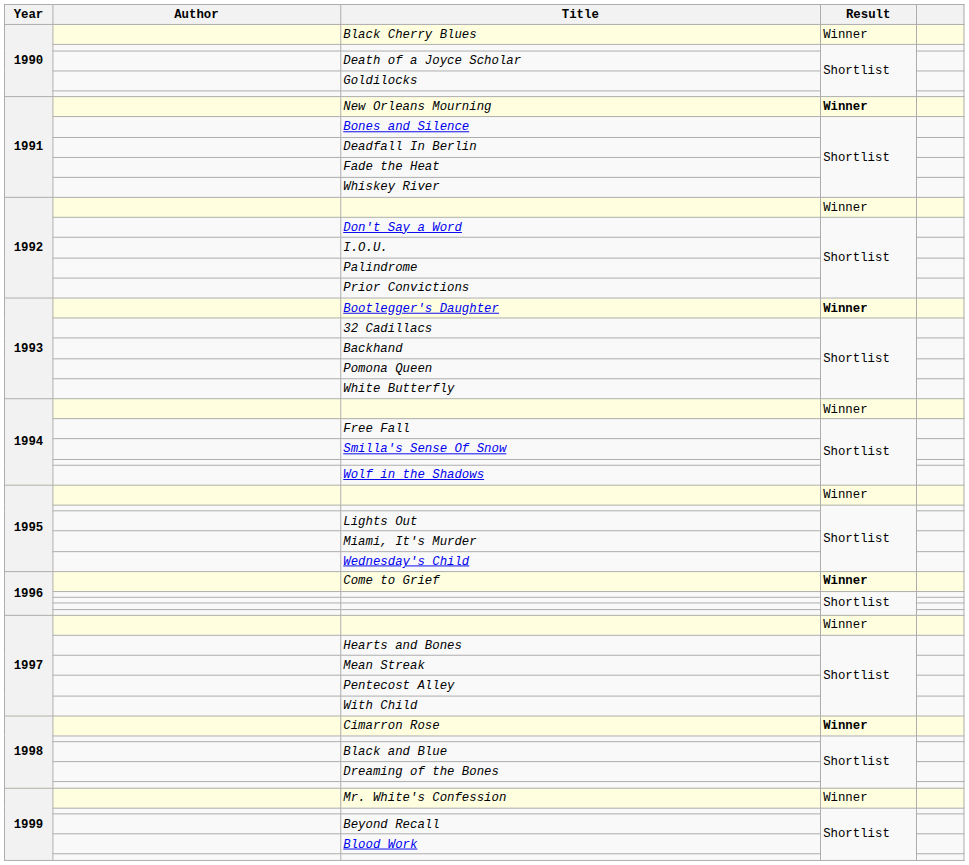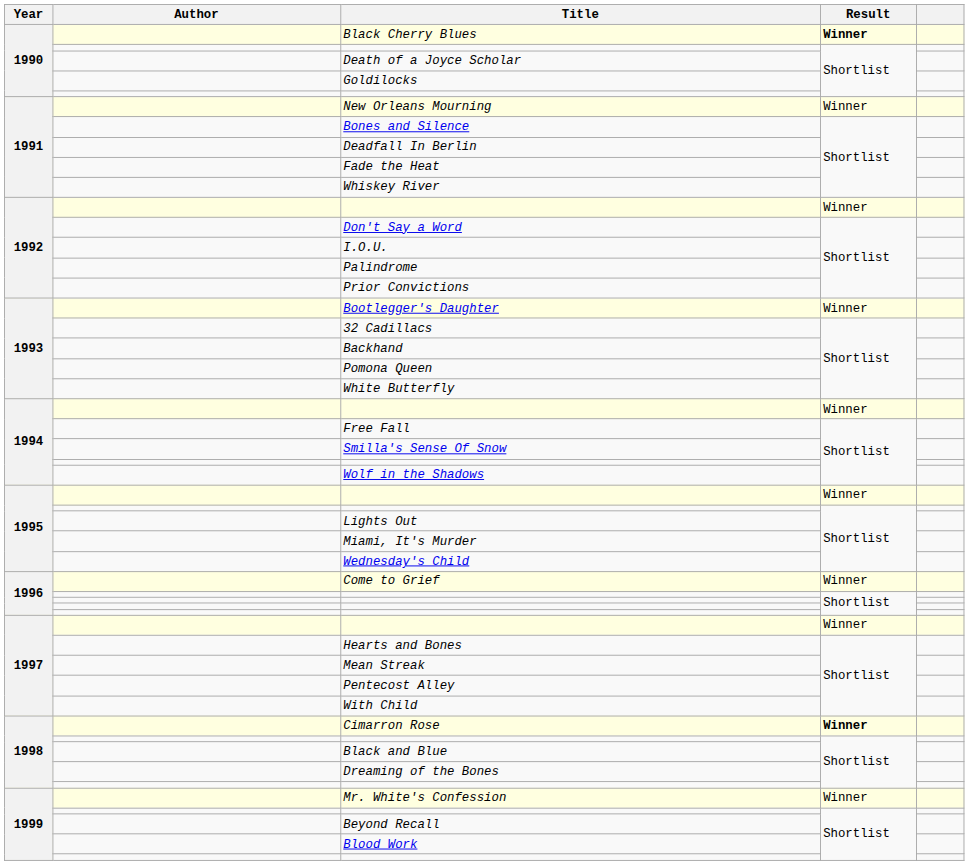 <table class="wikitable sortable mw-collapsible" style="width:80%">
 <tr>
 <th scope="col" width="5%">Year</th>
 <th scope="col" width="30%">Author</th>
 <th scope="col" width="50%">Title</th>
 <th scope="col" width="10%">Result</th>
 <th scope="col" width="5%"></th>
 </tr>
 <tr style="background:lightyellow;">
 <th rowspan="5">1990</th>
 <td></td>
 <td><em>Black Cherry Blues</em></td>
-<td>Winner</td>
+<td><strong>Winner</strong></td>
 <td></td>
 </tr>
 <tr>
 <td></td>
 <td><em></em></td>
 <td rowspan="4">Shortlist</td>
 <td></td>
 </tr>
 <tr>
 <td></td>
 <td><em>Death of a Joyce Scholar</em></td>
 <td></td>
 </tr>
 <tr>
 <td></td>
 <td><em>Goldilocks</em></td>
 <td></td>
 </tr>
 <tr>
 <td></td>
 <td></td>
 <td></td>
 </tr>
 <tr style="background:lightyellow;">
 <th rowspan="5">1991</th>
 <td></td>
 <td><em>New Orleans Mourning</em></td>
-<td><strong>Winner</strong></td>
+<td>Winner</td>
 <td></td>
 </tr>
 <tr>
 <td></td>
 <td><em><a href='#'>Bones and Silence</a></em></td>
 <td rowspan="4">Shortlist</td>
 <td></td>
 </tr>
 <tr>
 <td></td>
 <td><em>Deadfall In Berlin</em></td>
 <td></td>
 </tr>
 <tr>
 <td></td>
 <td><em>Fade the Heat</em></td>
 <td></td>
 </tr>
 <tr>
 <td></td>
 <td><em>Whiskey River</em></td>
 <td></td>
 </tr>
 <tr style="background:lightyellow;">
 <th rowspan="5">1992</th>
 <td></td>
 <td><em></em></td>
 <td>Winner</td>
 <td></td>
 </tr>
 <tr>
 <td></td>
 <td><a href='#'><em>Don't Say a Word</em></a></td>
 <td rowspan="4">Shortlist</td>
 <td></td>
 </tr>
 <tr>
 <td></td>
 <td><em>I.O.U.</em></td>
 <td></td>
 </tr>
 <tr>
 <td></td>
 <td><em>Palindrome</em></td>
 <td></td>
 </tr>
 <tr>
 <td></td>
 <td><em>Prior Convictions</em></td>
 <td></td>
 </tr>
 <tr style="background:lightyellow;">
 <th rowspan="5">1993</th>
 <td></td>
 <td><em><a href='#'>Bootlegger's Daughter</a></em></td>
-<td><strong>Winner</strong></td>
+<td>Winner</td>
 <td></td>
 </tr>
 <tr>
 <td></td>
 <td><em>32 Cadillacs</em></td>
 <td rowspan="4">Shortlist</td>
 <td></td>
 </tr>
 <tr>
 <td></td>
 <td><em>Backhand</em></td>
 <td></td>
 </tr>
 <tr>
 <td></td>
 <td><em>Pomona Queen</em></td>
 <td></td>
 </tr>
 <tr>
 <td></td>
 <td><em>White Butterfly</em></td>
 <td></td>
 </tr>
 <tr style="background:lightyellow;">
 <th rowspan="5">1994</th>
 <td></td>
 <td><em></em></td>
 <td>Winner</td>
 <td></td>
 </tr>
 <tr>
 <td></td>
 <td><em>Free Fall</em></td>
 <td rowspan="4">Shortlist</td>
 <td></td>
 </tr>
 <tr>
 <td></td>
 <td><a href='#'><em>Smilla's Sense Of Snow</em></a></td>
 <td></td>
 </tr>
 <tr>
 <td></td>
 <td></td>
 <td></td>
 </tr>
 <tr>
 <td></td>
 <td><em><a href='#'>Wolf in the Shadows</a></em></td>
 <td></td>
 </tr>
 <tr style="background:lightyellow;">
 <th rowspan="5">1995</th>
 <td></td>
 <td><em></em></td>
 <td>Winner</td>
 <td></td>
 </tr>
 <tr>
 <td></td>
 <td></td>
 <td rowspan="4">Shortlist</td>
 <td></td>
 </tr>
 <tr>
 <td></td>
 <td><em>Lights Out</em></td>
 <td></td>
 </tr>
 <tr>
 <td></td>
 <td><em>Miami, It's Murder</em></td>
 <td></td>
 </tr>
 <tr>
 <td></td>
 <td><a href='#'><em>Wednesday's Child</em></a></td>
 <td></td>
 </tr>
 <tr style="background:lightyellow;">
 <th rowspan="5">1996</th>
 <td></td>
 <td><em>Come to Grief</em></td>
-<td><strong>Winner</strong></td>
+<td>Winner</td>
 <td></td>
 </tr>
 <tr>
 <td></td>
 <td></td>
 <td rowspan="4">Shortlist</td>
 <td></td>
 </tr>
 <tr>
 <td></td>
 <td></td>
 <td></td>
 </tr>
 <tr>
 <td></td>
 <td></td>
 <td></td>
 </tr>
 <tr>
 <td></td>
 <td></td>
 <td></td>
 </tr>
 <tr style="background:lightyellow;">
 <th rowspan="5">1997</th>
 <td></td>
 <td><em></em></td>
 <td>Winner</td>
 <td></td>
 </tr>
 <tr>
 <td></td>
 <td><em>Hearts and Bones</em></td>
 <td rowspan="4">Shortlist</td>
 <td></td>
 </tr>
 <tr>
 <td></td>
 <td><em>Mean Streak</em></td>
 <td></td>
 </tr>
 <tr>
 <td></td>
 <td><em>Pentecost Alley</em></td>
 <td></td>
 </tr>
 <tr>
 <td></td>
 <td><em>With Child</em></td>
 <td></td>
 </tr>
 <tr style="background:lightyellow;">
 <th rowspan="5">1998</th>
 <td></td>
 <td><em>Cimarron Rose</em></td>
 <td><strong>Winner</strong></td>
 <td></td>
 </tr>
 <tr>
 <td></td>
 <td></td>
 <td rowspan="4">Shortlist</td>
 <td></td>
 </tr>
 <tr>
 <td></td>
 <td><em>Black and Blue</em></td>
 <td></td>
 </tr>
 <tr>
 <td></td>
 <td><em>Dreaming of the Bones</em></td>
 <td></td>
 </tr>
 <tr>
 <td></td>
 <td></td>
 <td></td>
 </tr>
 <tr style="background:lightyellow;">
 <th rowspan="5">1999</th>
 <td></td>
 <td><em>Mr. White's Confession</em></td>
 <td>Winner</td>
 <td></td>
 </tr>
 <tr>
 <td></td>
 <td></td>
 <td rowspan="4">Shortlist</td>
 <td></td>
 </tr>
 <tr>
 <td></td>
 <td><em>Beyond Recall</em></td>
 <td></td>
 </tr>
 <tr>
 <td></td>
 <td><a href='#'><em>Blood Work</em></a></td>
 <td></td>
 </tr>
 <tr>
 <td></td>
 <td></td>
 <td></td>
 </tr>
 </table>
